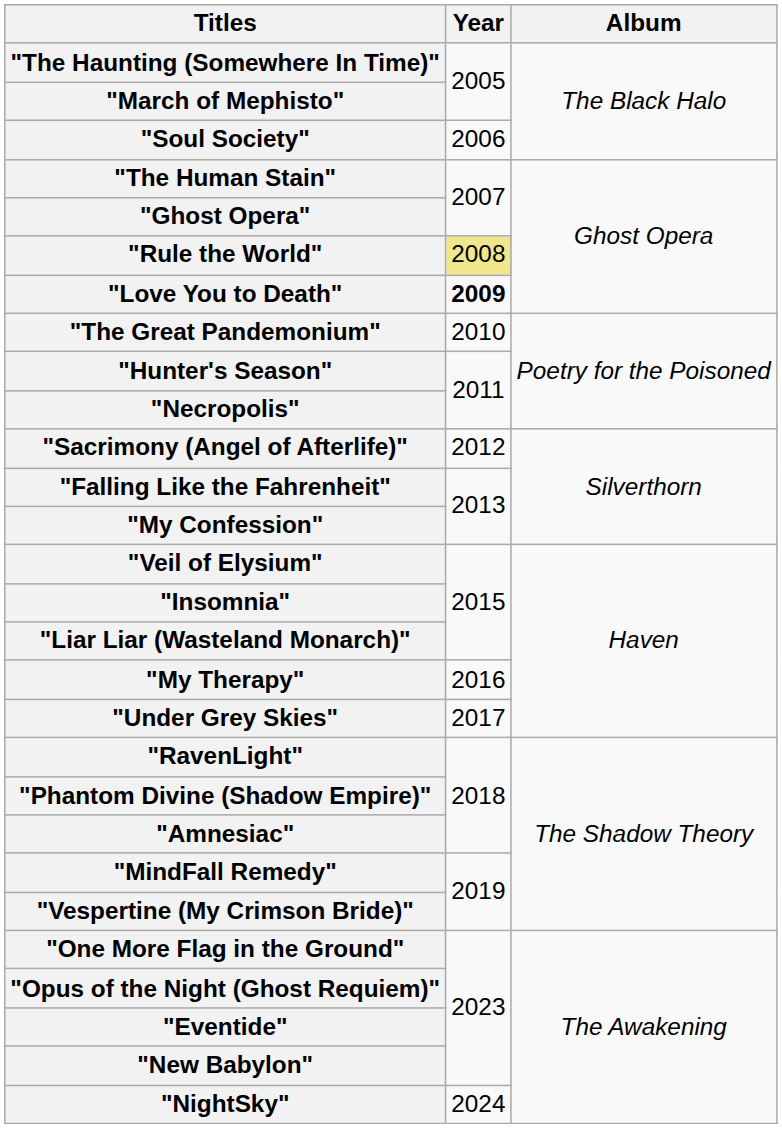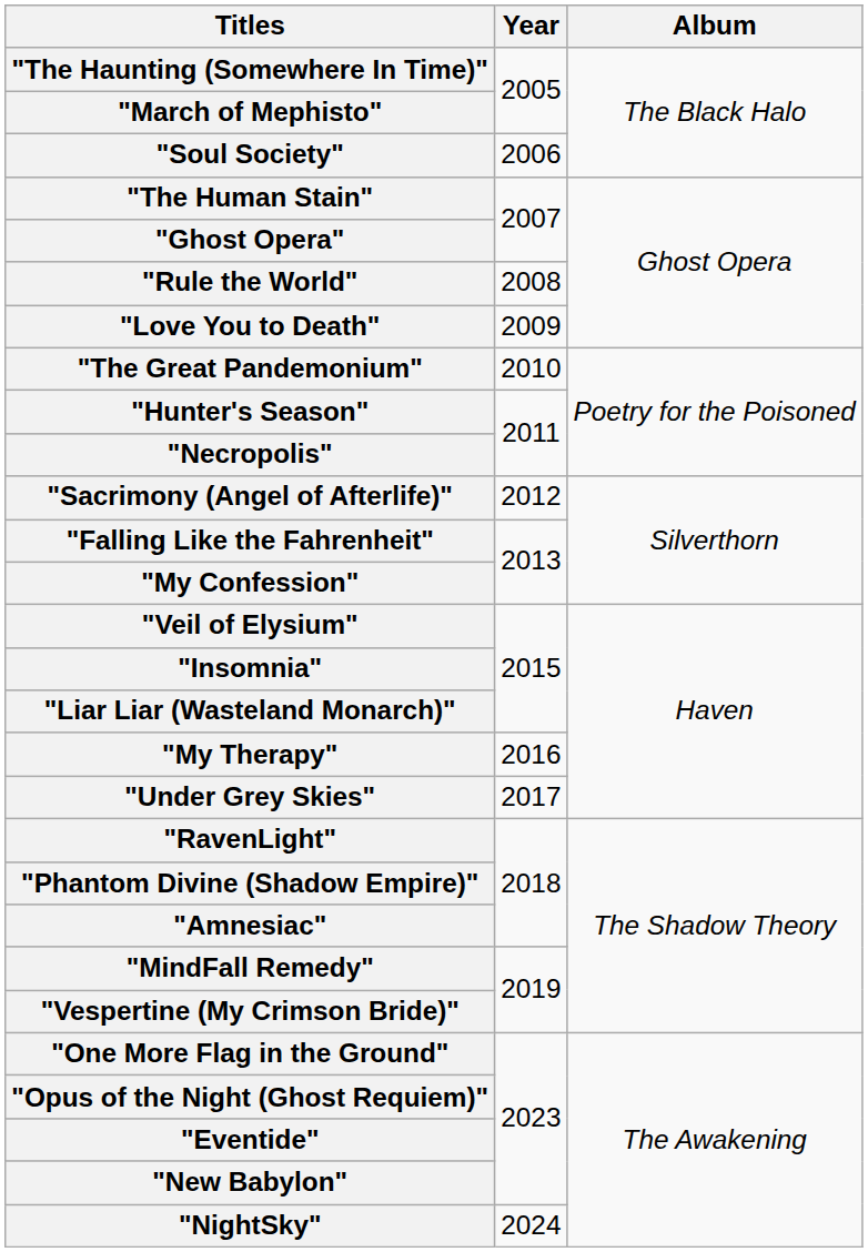 <table class="wikitable" style="text-align:center;">
 <tr>
 <th>Titles</th>
 <th>Year</th>
 <th>Album</th>
 </tr>
 <tr>
 <th scope="row">"The Haunting (Somewhere In Time)"</th>
 <td rowspan="2">2005</td>
 <td rowspan="3"><em>The Black Halo</em></td>
 </tr>
 <tr>
 <th scope="row">"March of Mephisto"</th>
 </tr>
 <tr>
 <th scope="row">"Soul Society"</th>
 <td>2006</td>
 </tr>
 <tr>
 <th scope="row">"The Human Stain"</th>
 <td rowspan="2">2007</td>
 <td rowspan="4"><em>Ghost Opera</em></td>
 </tr>
 <tr>
 <th scope="row">"Ghost Opera"</th>
 </tr>
 <tr>
 <th scope="row">"Rule the World"</th>
-<td style="background: khaki;">2008</td>
+<td>2008</td>
 </tr>
 <tr>
 <th scope="row">"Love You to Death"</th>
-<td><strong>2009</strong></td>
+<td>2009</td>
 </tr>
 <tr>
 <th scope="row">"The Great Pandemonium"</th>
 <td>2010</td>
 <td rowspan="3"><em>Poetry for the Poisoned</em></td>
 </tr>
 <tr>
 <th scope="row">"Hunter's Season"</th>
 <td rowspan="2">2011</td>
 </tr>
 <tr>
 <th scope="row">"Necropolis"</th>
 </tr>
 <tr>
 <th scope="row">"Sacrimony (Angel of Afterlife)"</th>
 <td>2012</td>
 <td rowspan="3"><em>Silverthorn</em></td>
 </tr>
 <tr>
 <th scope="row">"Falling Like the Fahrenheit"</th>
 <td rowspan="2">2013</td>
 </tr>
 <tr>
 <th scope="row">"My Confession"</th>
 </tr>
 <tr>
 <th scope="row">"Veil of Elysium"</th>
 <td rowspan="3">2015</td>
 <td rowspan="5"><em>Haven</em></td>
 </tr>
 <tr>
 <th scope="row">"Insomnia"</th>
 </tr>
 <tr>
 <th scope="row">"Liar Liar (Wasteland Monarch)"</th>
 </tr>
 <tr>
 <th scope="row">"My Therapy"</th>
 <td>2016</td>
 </tr>
 <tr>
 <th scope="row">"Under Grey Skies"</th>
 <td>2017</td>
 </tr>
 <tr>
 <th scope="row">"RavenLight"</th>
 <td rowspan="3">2018</td>
 <td rowspan="5"><em>The Shadow Theory</em></td>
 </tr>
 <tr>
 <th scope="row">"Phantom Divine (Shadow Empire)"</th>
 </tr>
 <tr>
 <th scope="row">"Amnesiac"</th>
 </tr>
 <tr>
 <th scope="row">"MindFall Remedy"</th>
 <td rowspan="2">2019</td>
 </tr>
 <tr>
 <th scope="row">"Vespertine (My Crimson Bride)"</th>
 </tr>
 <tr>
 <th scope="row">"One More Flag in the Ground"</th>
 <td rowspan="4">2023</td>
 <td rowspan="5"><em>The Awakening</em></td>
 </tr>
 <tr>
 <th scope="row">"Opus of the Night (Ghost Requiem)"</th>
 </tr>
 <tr>
 <th scope="row">"Eventide"</th>
 </tr>
 <tr>
 <th scope="row">"New Babylon"</th>
 </tr>
 <tr>
 <th scope="row">"NightSky"</th>
 <td rowspan="1">2024</td>
 </tr>
 </table>
